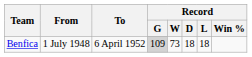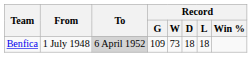 <table class="wikitable" style="text-align: center">
 <tr>
 <th rowspan="2">Team</th>
 <th rowspan="2">From</th>
 <th rowspan="2">To</th>
 <th colspan="8">Record</th>
 </tr>
 <tr>
 <th>G</th>
 <th>W</th>
 <th>D</th>
 <th>L</th>
 <th>Win %</th>
 </tr>
 <tr>
 <td align="left"><a href='#'>Benfica</a></td>
 <td align="left">1 July 1948</td>
-<td align="left">6 April 1952</td>
-<td style="background: lightgrey;">109</td>
+<td align="left" style="background: lightgrey;">6 April 1952</td>
+<td>109</td>
 <td>73</td>
 <td>18</td>
 <td>18</td>
 <td></td>
 </tr>
 </table>
